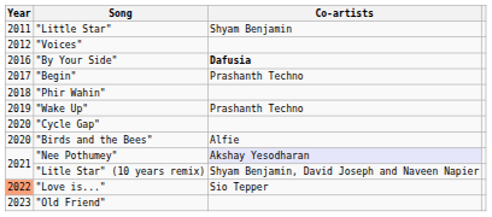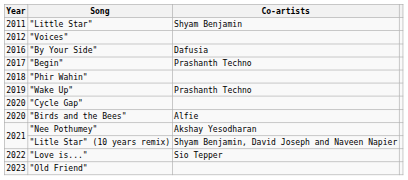 <table class="wikitable">
 <tr>
 <th scope="col">Year</th>
 <th scope="col">Song</th>
 <th scope="col">Co-artists</th>
 <th scope="col" class="unsortable"></th>
 </tr>
 <tr>
 <td>2011</td>
 <td>"Little Star"</td>
 <td>Shyam Benjamin</td>
 <td></td>
 </tr>
 <tr>
 <td>2012</td>
 <td>"Voices"</td>
 <td></td>
 <td></td>
 </tr>
 <tr>
 <td>2016</td>
 <td>"By Your Side"</td>
-<td><strong>Dafusia</strong></td>
+<td>Dafusia</td>
 <td></td>
 </tr>
 <tr>
 <td>2017</td>
 <td>"Begin"</td>
 <td>Prashanth Techno</td>
 <td></td>
 </tr>
 <tr>
 <td>2018</td>
 <td>"Phir Wahin"</td>
 <td></td>
 <td></td>
 </tr>
 <tr>
 <td>2019</td>
 <td>"Wake Up"</td>
 <td>Prashanth Techno</td>
 <td></td>
 </tr>
 <tr>
 <td>2020</td>
 <td>"Cycle Gap"</td>
 <td></td>
 <td></td>
 </tr>
 <tr>
 <td>2020</td>
 <td>"Birds and the Bees"</td>
 <td>Alfie</td>
 <td></td>
 </tr>
 <tr>
 <td rowspan="2">2021</td>
 <td>"Nee Pothumey"</td>
-<td style="background: lavender;">Akshay Yesodharan</td>
+<td>Akshay Yesodharan</td>
 <td></td>
 </tr>
 <tr>
 <td>"Litle Star" (10 years remix)</td>
 <td>Shyam Benjamin, David Joseph and Naveen Napier</td>
 <td></td>
 </tr>
 <tr>
-<td style="background: lightsalmon;">2022</td>
+<td>2022</td>
 <td>"Love is..."</td>
 <td>Sio Tepper</td>
 <td></td>
 </tr>
 <tr>
 <td>2023</td>
 <td>"Old Friend"</td>
 <td></td>
 <td></td>
 </tr>
 </table>
